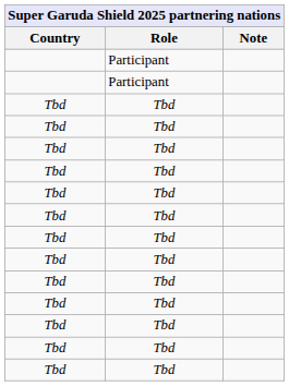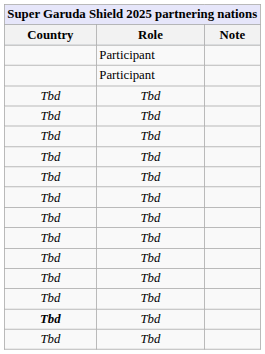 <table class="wikitable sortable">
 <tr>
 <th colspan="3" style="background: lavender;">Super Garuda Shield 2025 partnering nations</th>
 </tr>
 <tr bgcolor="aabccc">
 <th>Country</th>
 <th>Role</th>
 <th>Note</th>
 </tr>
 <tr>
 <td></td>
 <td>Participant</td>
 <td></td>
 </tr>
 <tr>
 <td></td>
 <td>Participant</td>
 <td></td>
 </tr>
 <tr>
 <td style="text-align: center;"><em>Tbd</em></td>
 <td style="text-align: center;"><em>Tbd</em></td>
 <td></td>
 </tr>
 <tr>
 <td style="text-align: center;"><em>Tbd</em></td>
 <td style="text-align: center;"><em>Tbd</em></td>
 <td></td>
 </tr>
 <tr>
 <td style="text-align: center;"><em>Tbd</em></td>
 <td style="text-align: center;"><em>Tbd</em></td>
 <td></td>
 </tr>
 <tr>
 <td style="text-align: center;"><em>Tbd</em></td>
 <td style="text-align: center;"><em>Tbd</em></td>
 <td></td>
 </tr>
 <tr>
 <td style="text-align: center;"><em>Tbd</em></td>
 <td style="text-align: center;"><em>Tbd</em></td>
 <td></td>
 </tr>
 <tr>
 <td style="text-align: center;"><em>Tbd</em></td>
 <td style="text-align: center;"><em>Tbd</em></td>
 <td></td>
 </tr>
 <tr>
 <td style="text-align: center;"><em>Tbd</em></td>
 <td style="text-align: center;"><em>Tbd</em></td>
 <td></td>
 </tr>
 <tr>
 <td style="text-align: center;"><em>Tbd</em></td>
 <td style="text-align: center;"><em>Tbd</em></td>
 <td></td>
 </tr>
 <tr>
 <td style="text-align: center;"><em>Tbd</em></td>
 <td style="text-align: center;"><em>Tbd</em></td>
 <td></td>
 </tr>
 <tr>
 <td style="text-align: center;"><em>Tbd</em></td>
 <td style="text-align: center;"><em>Tbd</em></td>
 <td></td>
 </tr>
 <tr>
 <td style="text-align: center;"><em>Tbd</em></td>
 <td style="text-align: center;"><em>Tbd</em></td>
 <td></td>
 </tr>
 <tr>
-<td style="text-align: center;"><em>Tbd</em></td>
+<td style="text-align: center;"><strong><em>Tbd</em></strong></td>
 <td style="text-align: center;"><em>Tbd</em></td>
 <td></td>
 </tr>
 <tr>
 <td style="text-align: center;"><em>Tbd</em></td>
 <td style="text-align: center;"><em>Tbd</em></td>
 <td></td>
 </tr>
 </table>
